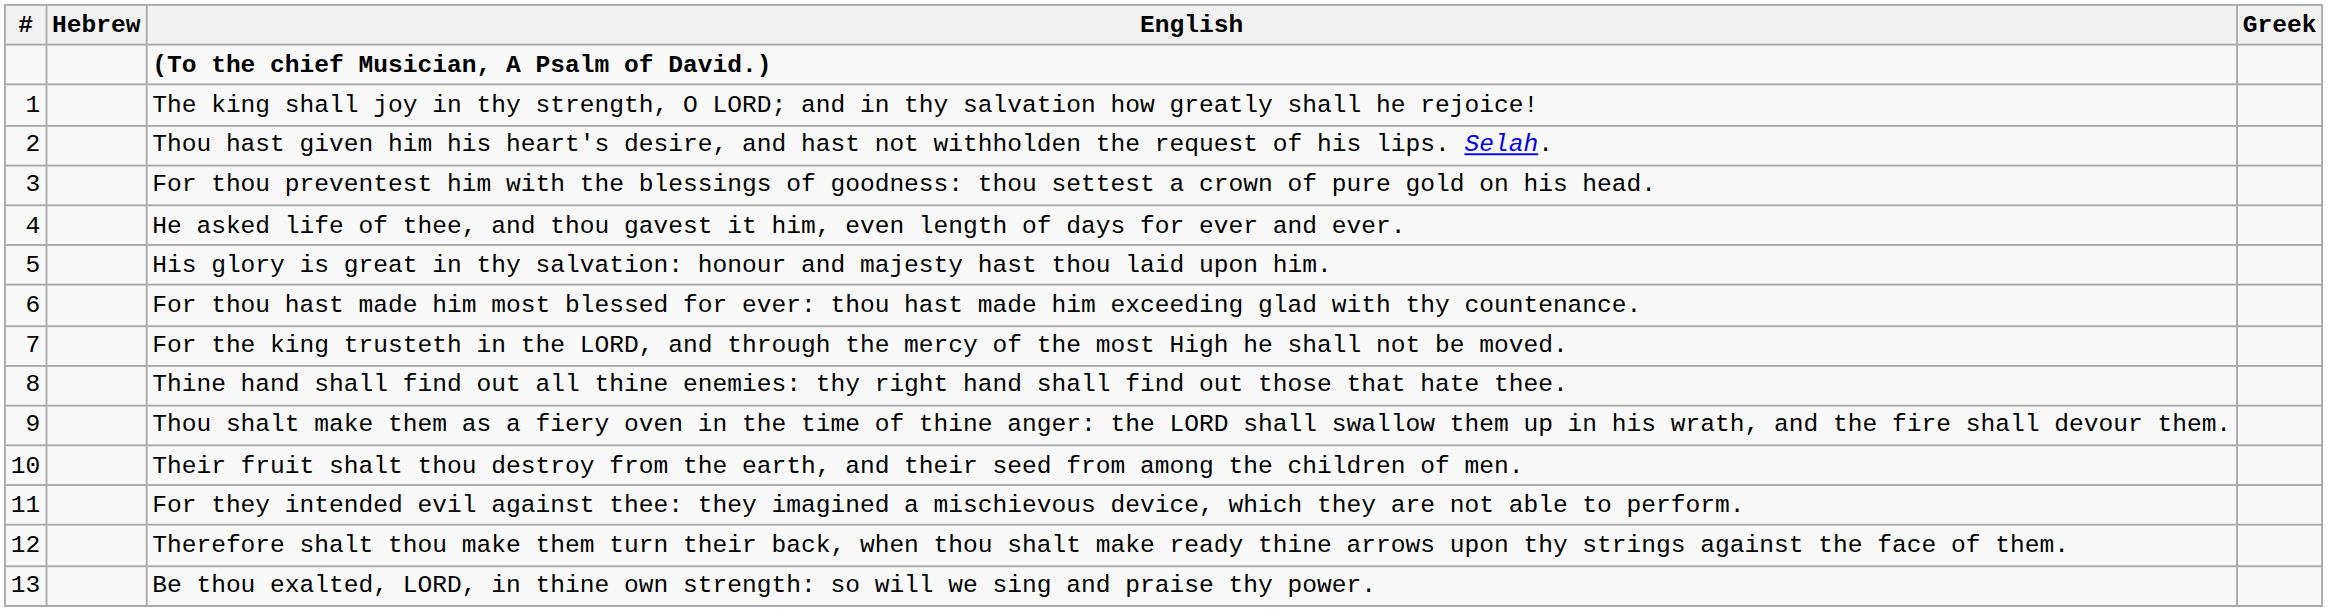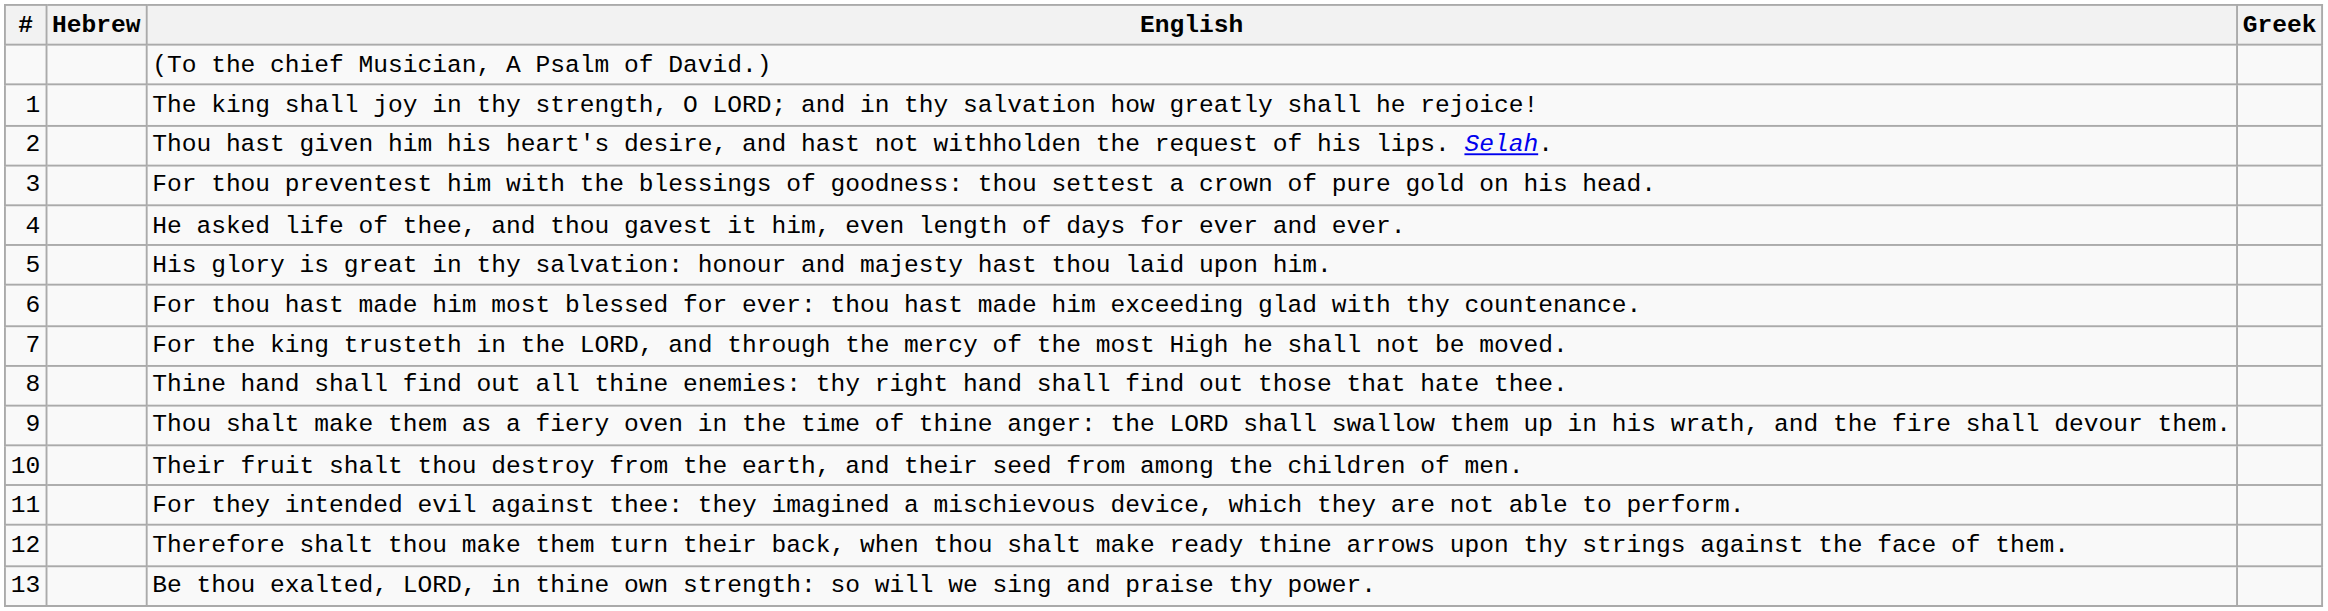 <table class=wikitable>
 <tr>
 <th>#</th>
 <th>Hebrew</th>
 <th>English</th>
 <th>Greek</th>
 </tr>
 <tr>
 <td style="text-align:right"></td>
 <td style="text-align:right"></td>
-<td><strong>(To the chief Musician, A Psalm of David.)</strong></td>
+<td>(To the chief Musician, A Psalm of David.)</td>
 <td></td>
 </tr>
 <tr>
 <td style="text-align:right">1</td>
 <td style="text-align:right"></td>
 <td>The king shall joy in thy strength, O LORD; and in thy salvation how greatly shall he rejoice!</td>
 <td></td>
 </tr>
 <tr>
 <td style="text-align:right">2</td>
 <td style="text-align:right"></td>
 <td>Thou hast given him his heart's desire, and hast not withholden the request of his lips. <em><a href='#'>Selah</a></em>.</td>
 <td></td>
 </tr>
 <tr>
 <td style="text-align:right">3</td>
 <td style="text-align:right"></td>
 <td>For thou preventest him with the blessings of goodness: thou settest a crown of pure gold on his head.</td>
 <td></td>
 </tr>
 <tr>
 <td style="text-align:right">4</td>
 <td style="text-align:right"></td>
 <td>He asked life of thee, and thou gavest it him, even length of days for ever and ever.</td>
 <td></td>
 </tr>
 <tr>
 <td style="text-align:right">5</td>
 <td style="text-align:right"></td>
 <td>His glory is great in thy salvation: honour and majesty hast thou laid upon him.</td>
 <td></td>
 </tr>
 <tr>
 <td style="text-align:right">6</td>
 <td style="text-align:right"></td>
 <td>For thou hast made him most blessed for ever: thou hast made him exceeding glad with thy countenance.</td>
 <td></td>
 </tr>
 <tr>
 <td style="text-align:right">7</td>
 <td style="text-align:right"></td>
 <td>For the king trusteth in the LORD, and through the mercy of the most High he shall not be moved.</td>
 <td></td>
 </tr>
 <tr>
 <td style="text-align:right">8</td>
 <td style="text-align:right"></td>
 <td>Thine hand shall find out all thine enemies: thy right hand shall find out those that hate thee.</td>
 <td></td>
 </tr>
 <tr>
 <td style="text-align:right">9</td>
 <td style="text-align:right"></td>
 <td>Thou shalt make them as a fiery oven in the time of thine anger: the LORD shall swallow them up in his wrath, and the fire shall devour them.</td>
 <td></td>
 </tr>
 <tr>
 <td style="text-align:right">10</td>
 <td style="text-align:right"></td>
 <td>Their fruit shalt thou destroy from the earth, and their seed from among the children of men.</td>
 <td></td>
 </tr>
 <tr>
 <td style="text-align:right">11</td>
 <td style="text-align:right"></td>
 <td>For they intended evil against thee: they imagined a mischievous device, which they are not able to perform.</td>
 <td></td>
 </tr>
 <tr>
 <td style="text-align:right">12</td>
 <td style="text-align:right"></td>
 <td>Therefore shalt thou make them turn their back, when thou shalt make ready thine arrows upon thy strings against the face of them.</td>
 <td></td>
 </tr>
 <tr>
 <td style="text-align:right">13</td>
 <td style="text-align:right"></td>
 <td>Be thou exalted, LORD, in thine own strength: so will we sing and praise thy power.</td>
 <td></td>
 </tr>
 <tr>
 </tr>
 </table>
